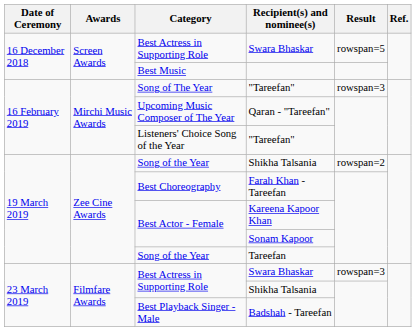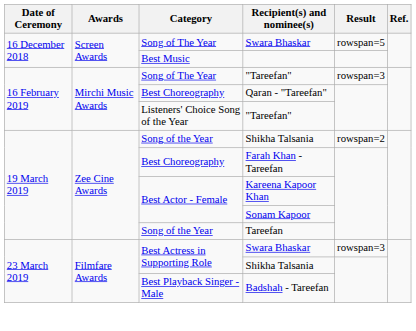 <table class="wikitable sortable">
 <tr>
 <th>Date of Ceremony</th>
 <th>Awards</th>
 <th>Category</th>
 <th>Recipient(s) and nominee(s)</th>
 <th>Result</th>
 <th>Ref.</th>
 </tr>
 <tr>
 <td rowspan=2><a href='#'>16 December 2018</a></td>
 <td rowspan=2><a href='#'>Screen Awards</a></td>
-<td><a href='#'>Best Actress in Supporting Role</a></td>
+<td><a href='#'>Song of The Year</a></td>
 <td><a href='#'>Swara Bhaskar</a></td>
 <td>rowspan=5 </td>
 <td rowspan=2></td>
 </tr>
 <tr>
 <td><a href='#'>Best Music</a></td>
 <td></td>
 </tr>
 <tr>
 <td rowspan=3><a href='#'>16 February 2019</a></td>
 <td rowspan=3><a href='#'>Mirchi Music Awards</a></td>
 <td><a href='#'>Song of The Year</a></td>
 <td>"Tareefan"</td>
 <td>rowspan=3 </td>
 <td rowspan=3></td>
 </tr>
 <tr>
-<td><a href='#'>Upcoming Music Composer of The Year</a></td>
+<td><a href='#'>Best Choreography</a></td>
 <td>Qaran - "Tareefan"</td>
 </tr>
 <tr>
 <td>Listeners' Choice Song of the Year</td>
 <td>"Tareefan"</td>
 </tr>
 <tr>
 <td rowspan=5><a href='#'>19 March 2019</a></td>
 <td rowspan=5><a href='#'>Zee Cine Awards</a></td>
 <td><a href='#'>Song of the Year</a></td>
 <td>Shikha Talsania</td>
 <td>rowspan=2 </td>
 <td rowspan=5></td>
 </tr>
 <tr>
 <td><a href='#'>Best Choreography</a></td>
 <td><a href='#'>Farah Khan</a> - Tareefan</td>
 </tr>
 <tr>
 <td rowspan="2"><a href='#'>Best Actor - Female</a></td>
 <td><a href='#'>Kareena Kapoor Khan</a></td>
 </tr>
 <tr>
 <td><a href='#'>Sonam Kapoor</a></td>
 </tr>
 <tr>
 <td><a href='#'>Song of the Year</a></td>
 <td>Tareefan</td>
 </tr>
 <tr>
 <td rowspan=3><a href='#'>23 March 2019</a></td>
 <td rowspan=3><a href='#'>Filmfare Awards</a></td>
 <td rowspan=2><a href='#'>Best Actress in Supporting Role</a></td>
 <td><a href='#'>Swara Bhaskar</a></td>
 <td>rowspan=3 </td>
 <td rowspan=3></td>
 </tr>
 <tr>
 <td>Shikha Talsania</td>
 </tr>
 <tr>
 <td><a href='#'>Best Playback Singer - Male</a></td>
 <td><a href='#'>Badshah</a> - Tareefan</td>
 </tr>
 </table>
